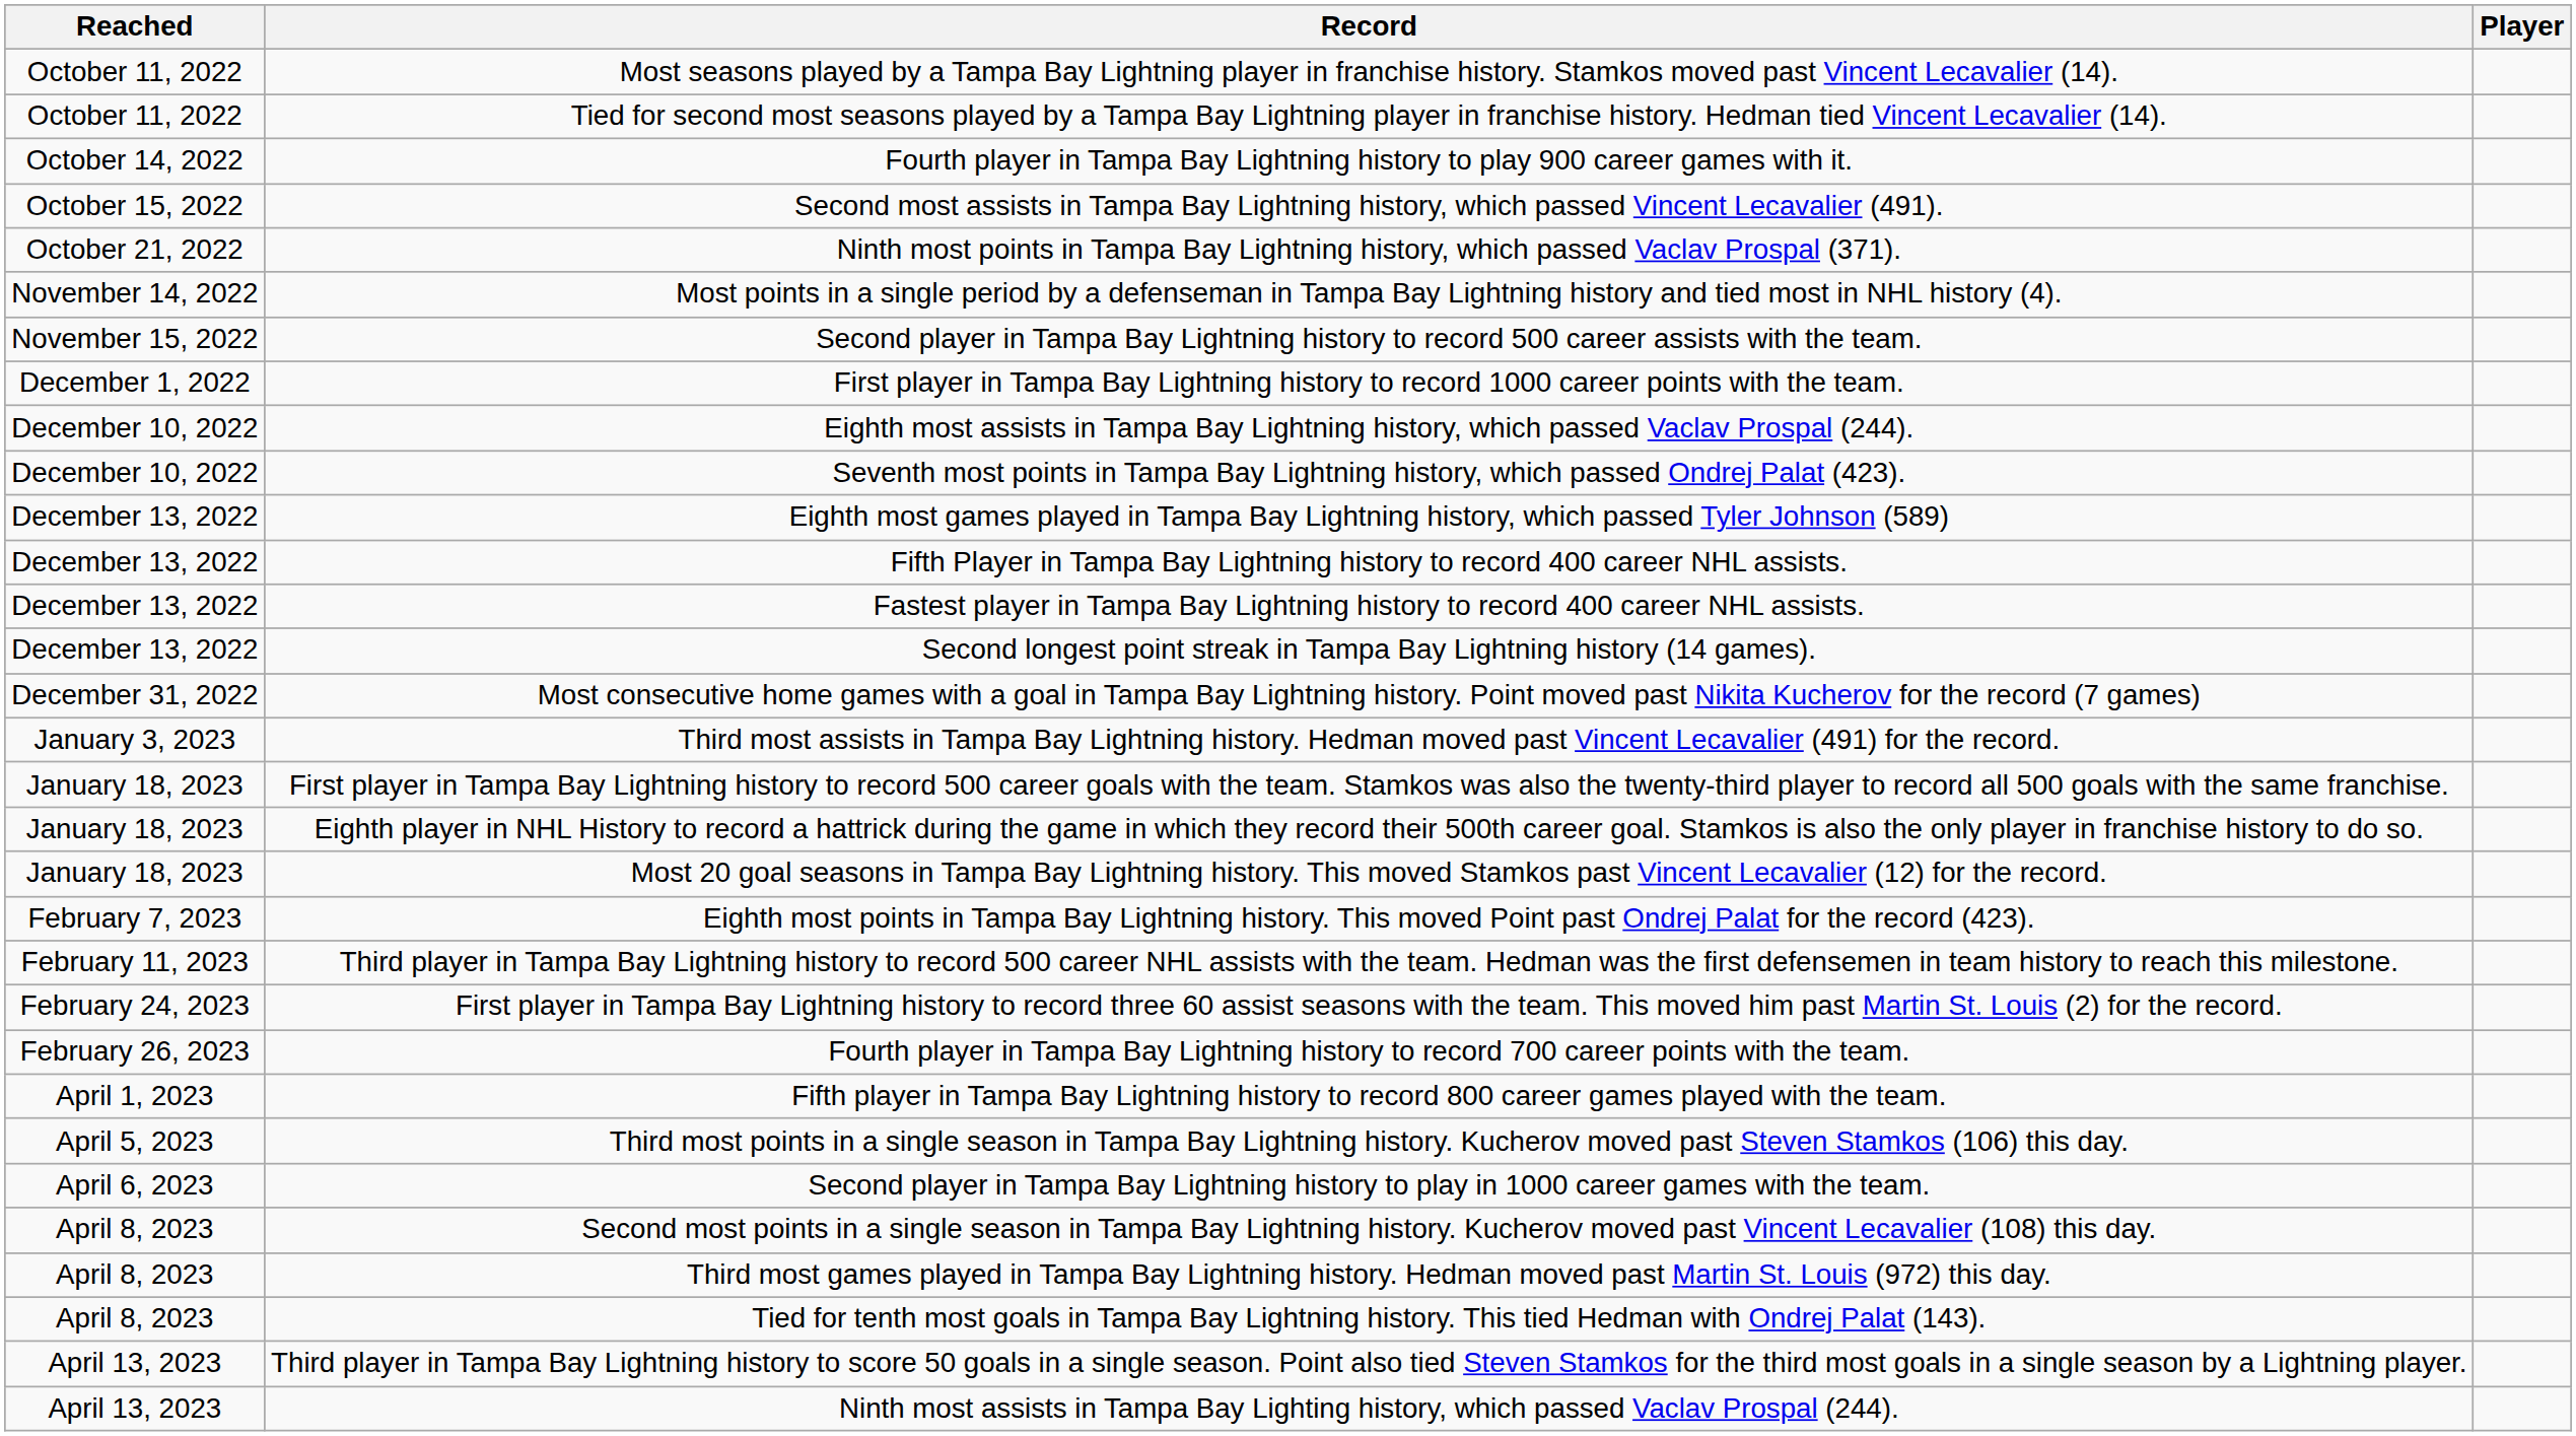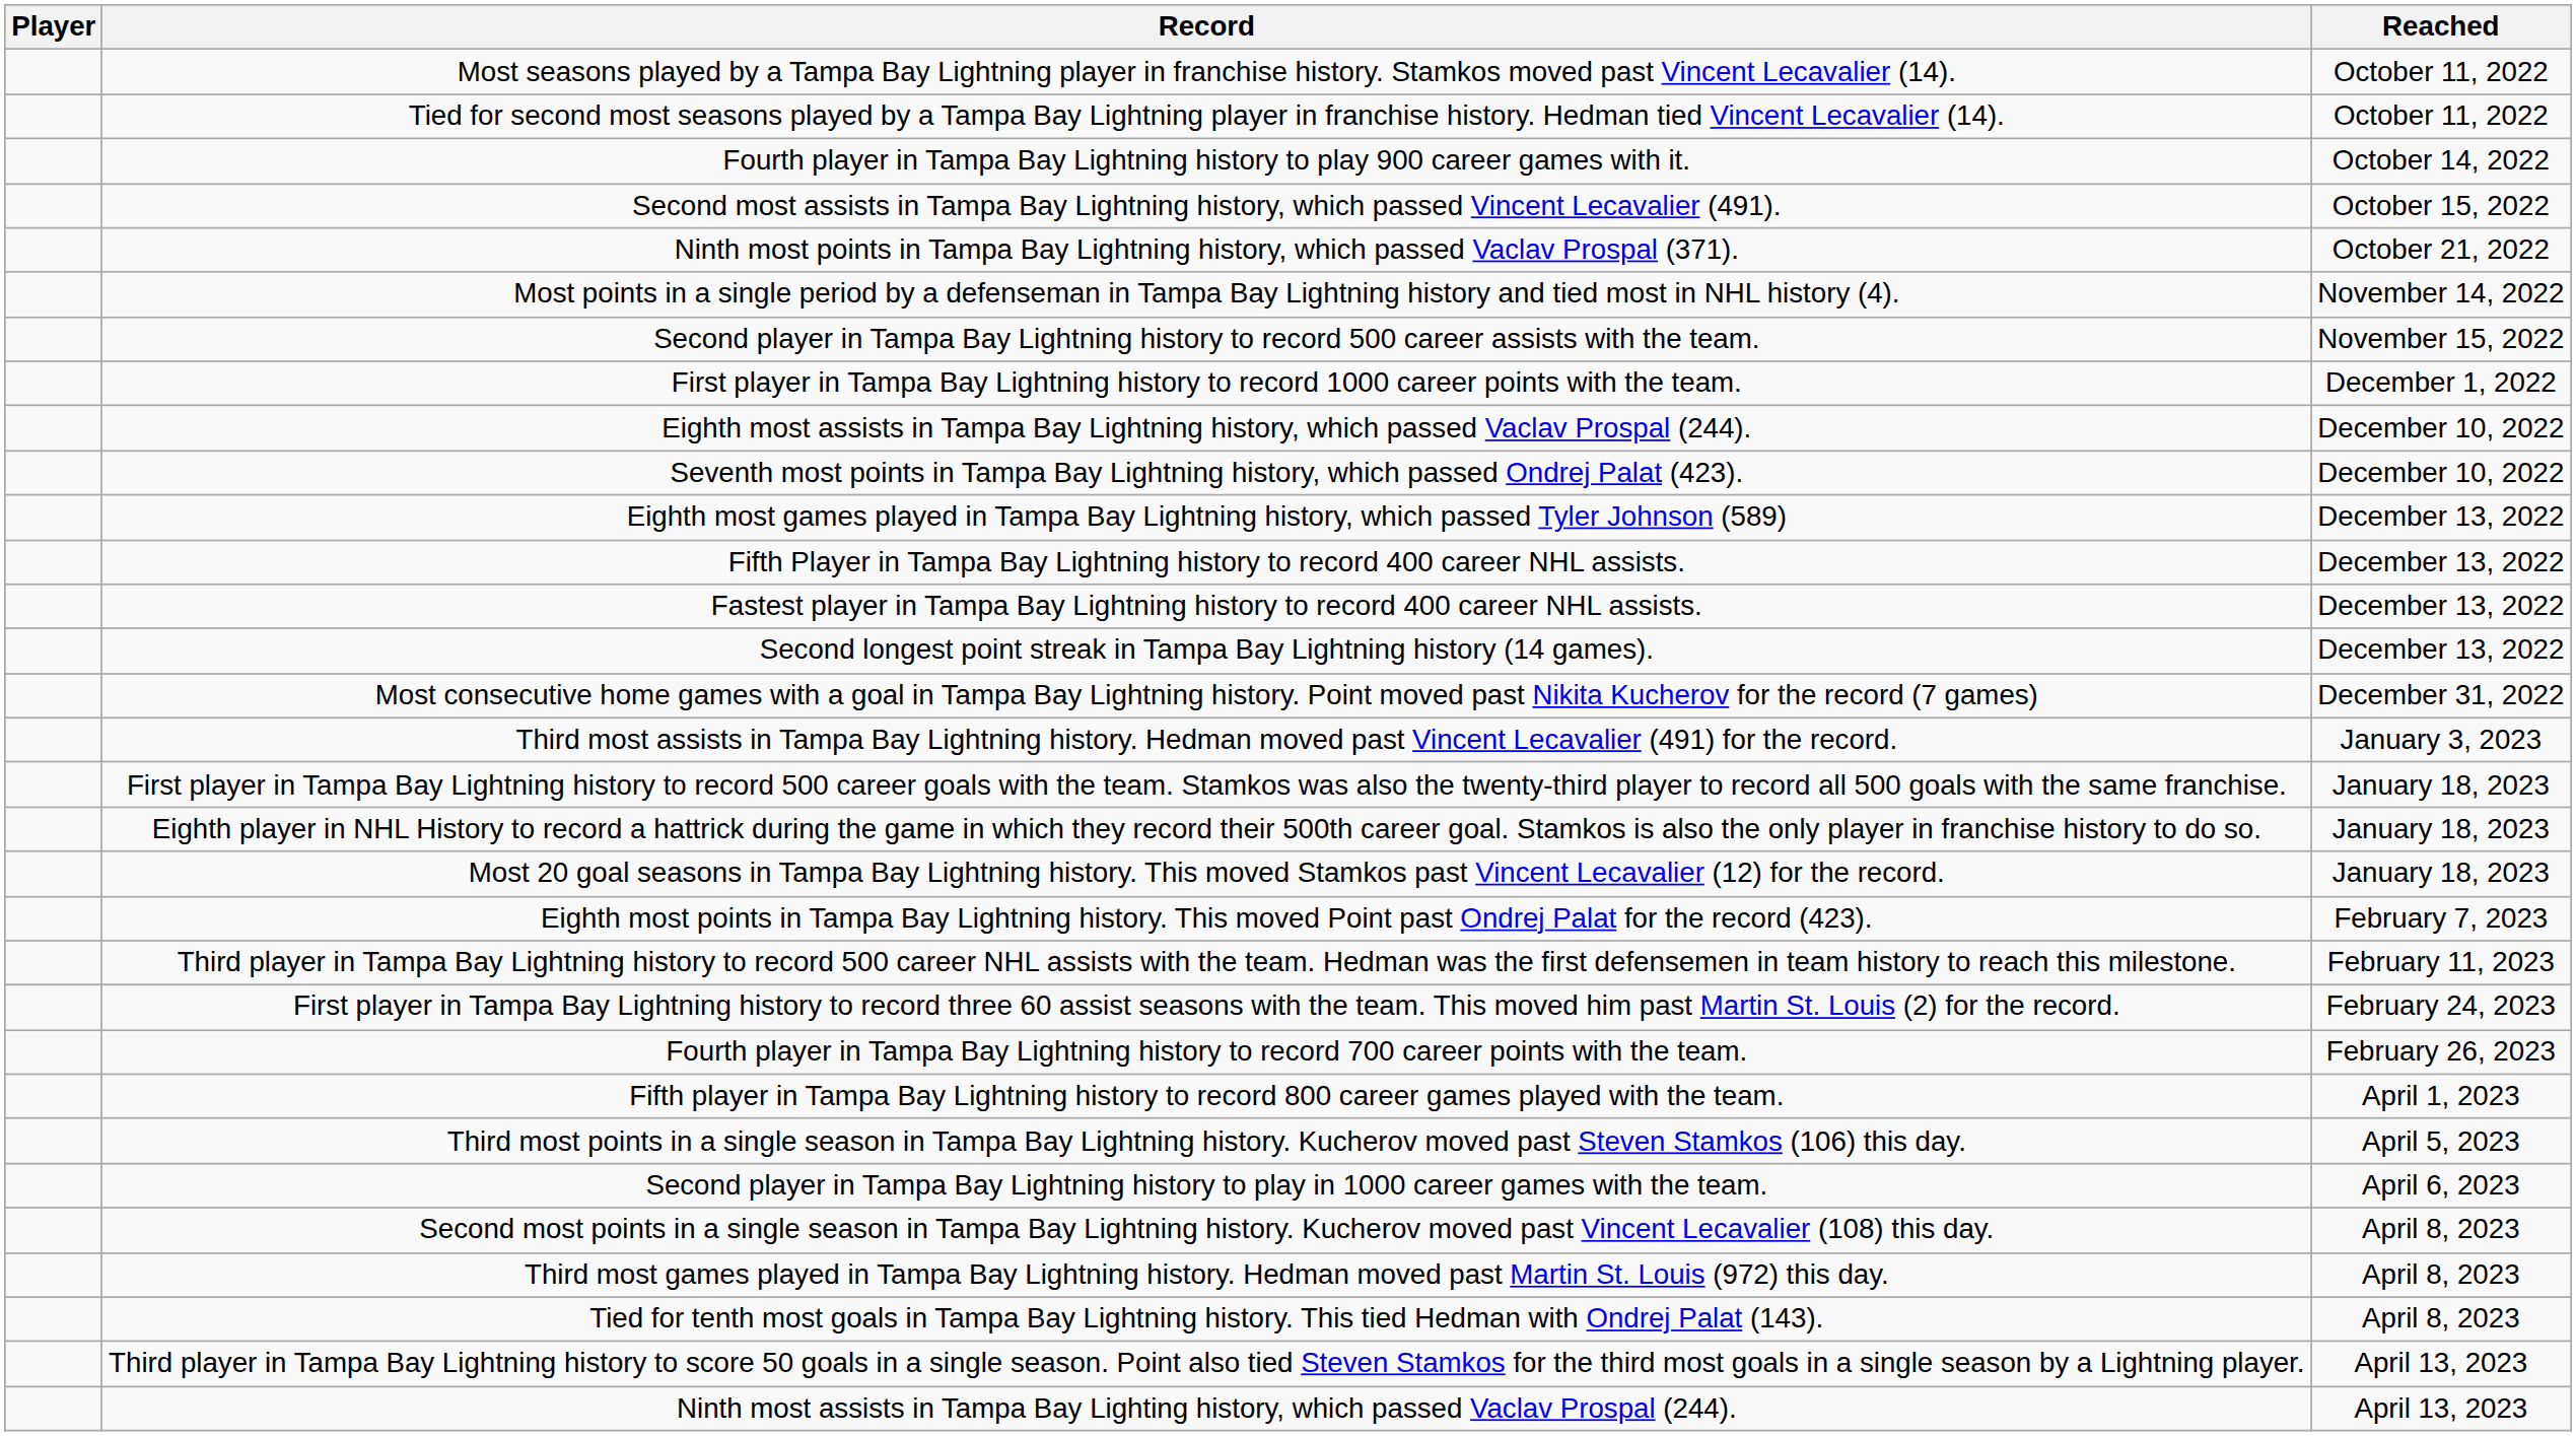 <table class="wikitable sortable" style="text-align:center;">
 <tr>
+<th>Player</th>
+<th>Record</th>
 <th>Reached</th>
-<th>Record</th>
-<th>Player</th>
 </tr>
 <tr>
+<td></td>
+<td>Most seasons played by a Tampa Bay Lightning player in franchise history. Stamkos moved past <a href='#'>Vincent Lecavalier</a> (14).</td>
 <td>October 11, 2022</td>
-<td>Most seasons played by a Tampa Bay Lightning player in franchise history. Stamkos moved past <a href='#'>Vincent Lecavalier</a> (14).</td>
-<td></td>
 </tr>
 <tr>
+<td></td>
+<td>Tied for second most seasons played by a Tampa Bay Lightning player in franchise history. Hedman tied <a href='#'>Vincent Lecavalier</a> (14).</td>
 <td>October 11, 2022</td>
-<td>Tied for second most seasons played by a Tampa Bay Lightning player in franchise history. Hedman tied <a href='#'>Vincent Lecavalier</a> (14).</td>
-<td></td>
 </tr>
 <tr>
+<td></td>
+<td>Fourth player in Tampa Bay Lightning history to play 900 career games with it.</td>
 <td>October 14, 2022</td>
-<td>Fourth player in Tampa Bay Lightning history to play 900 career games with it.</td>
-<td></td>
 </tr>
 <tr>
+<td></td>
+<td>Second most assists in Tampa Bay Lightning history, which passed <a href='#'>Vincent Lecavalier</a> (491).</td>
 <td>October 15, 2022</td>
-<td>Second most assists in Tampa Bay Lightning history, which passed <a href='#'>Vincent Lecavalier</a> (491).</td>
-<td></td>
 </tr>
 <tr>
+<td></td>
+<td>Ninth most points in Tampa Bay Lightning history, which passed <a href='#'>Vaclav Prospal</a> (371).</td>
 <td>October 21, 2022</td>
-<td>Ninth most points in Tampa Bay Lightning history, which passed <a href='#'>Vaclav Prospal</a> (371).</td>
-<td></td>
 </tr>
 <tr>
+<td></td>
+<td>Most points in a single period by a defenseman in Tampa Bay Lightning history and tied most in NHL history (4).</td>
 <td>November 14, 2022</td>
-<td>Most points in a single period by a defenseman in Tampa Bay Lightning history and tied most in NHL history (4).</td>
-<td></td>
 </tr>
 <tr>
+<td></td>
+<td>Second player in Tampa Bay Lightning history to record 500 career assists with the team.</td>
 <td>November 15, 2022</td>
-<td>Second player in Tampa Bay Lightning history to record 500 career assists with the team.</td>
-<td></td>
 </tr>
 <tr>
+<td></td>
+<td>First player in Tampa Bay Lightning history to record 1000 career points with the team.</td>
 <td>December 1, 2022</td>
-<td>First player in Tampa Bay Lightning history to record 1000 career points with the team.</td>
-<td></td>
 </tr>
 <tr>
+<td></td>
+<td>Eighth most assists in Tampa Bay Lightning history, which passed <a href='#'>Vaclav Prospal</a> (244).</td>
 <td>December 10, 2022</td>
-<td>Eighth most assists in Tampa Bay Lightning history, which passed <a href='#'>Vaclav Prospal</a> (244).</td>
-<td></td>
 </tr>
 <tr>
+<td></td>
+<td>Seventh most points in Tampa Bay Lightning history, which passed <a href='#'>Ondrej Palat</a> (423).</td>
 <td>December 10, 2022</td>
-<td>Seventh most points in Tampa Bay Lightning history, which passed <a href='#'>Ondrej Palat</a> (423).</td>
-<td></td>
 </tr>
 <tr>
+<td></td>
+<td>Eighth most games played in Tampa Bay Lightning history, which passed <a href='#'>Tyler Johnson</a> (589)</td>
 <td>December 13, 2022</td>
-<td>Eighth most games played in Tampa Bay Lightning history, which passed <a href='#'>Tyler Johnson</a> (589)</td>
-<td></td>
 </tr>
 <tr>
+<td></td>
+<td>Fifth Player in Tampa Bay Lightning history to record 400 career NHL assists.</td>
 <td>December 13, 2022</td>
-<td>Fifth Player in Tampa Bay Lightning history to record 400 career NHL assists.</td>
-<td></td>
 </tr>
 <tr>
+<td></td>
+<td>Fastest player in Tampa Bay Lightning history to record 400 career NHL assists.</td>
 <td>December 13, 2022</td>
-<td>Fastest player in Tampa Bay Lightning history to record 400 career NHL assists.</td>
-<td></td>
 </tr>
 <tr>
+<td></td>
+<td>Second longest point streak in Tampa Bay Lightning history (14 games).</td>
 <td>December 13, 2022</td>
-<td>Second longest point streak in Tampa Bay Lightning history (14 games).</td>
-<td></td>
 </tr>
 <tr>
+<td></td>
+<td>Most consecutive home games with a goal in Tampa Bay Lightning history. Point moved past <a href='#'>Nikita Kucherov</a> for the record (7 games)</td>
 <td>December 31, 2022</td>
-<td>Most consecutive home games with a goal in Tampa Bay Lightning history. Point moved past <a href='#'>Nikita Kucherov</a> for the record (7 games)</td>
-<td></td>
 </tr>
 <tr>
+<td></td>
+<td>Third most assists in Tampa Bay Lightning history. Hedman moved past <a href='#'>Vincent Lecavalier</a> (491) for the record.</td>
 <td>January 3, 2023</td>
-<td>Third most assists in Tampa Bay Lightning history. Hedman moved past <a href='#'>Vincent Lecavalier</a> (491) for the record.</td>
-<td></td>
 </tr>
 <tr>
+<td></td>
+<td>First player in Tampa Bay Lightning history to record 500 career goals with the team. Stamkos was also the twenty-third player to record all 500 goals with the same franchise.</td>
 <td>January 18, 2023</td>
-<td>First player in Tampa Bay Lightning history to record 500 career goals with the team. Stamkos was also the twenty-third player to record all 500 goals with the same franchise.</td>
-<td></td>
 </tr>
 <tr>
+<td></td>
+<td>Eighth player in NHL History to record a hattrick during the game in which they record their 500th career  goal. Stamkos is also the only player in franchise history to do so.</td>
 <td>January 18, 2023</td>
-<td>Eighth player in NHL History to record a hattrick during the game in which they record their 500th career  goal. Stamkos is also the only player in franchise history to do so.</td>
-<td></td>
 </tr>
 <tr>
+<td></td>
+<td>Most 20 goal seasons in Tampa Bay Lightning history. This moved Stamkos past <a href='#'>Vincent Lecavalier</a> (12) for the record.</td>
 <td>January 18, 2023</td>
-<td>Most 20 goal seasons in Tampa Bay Lightning history. This moved Stamkos past <a href='#'>Vincent Lecavalier</a> (12) for the record.</td>
-<td></td>
 </tr>
 <tr>
+<td></td>
+<td>Eighth most points in Tampa Bay Lightning history. This moved Point past <a href='#'>Ondrej Palat</a> for the record (423).</td>
 <td>February 7, 2023</td>
-<td>Eighth most points in Tampa Bay Lightning history. This moved Point past <a href='#'>Ondrej Palat</a> for the record (423).</td>
-<td></td>
 </tr>
 <tr>
+<td></td>
+<td>Third player in Tampa Bay Lightning history to record 500 career NHL assists with the team. Hedman was the first defensemen in team history to reach this milestone.</td>
 <td>February 11, 2023</td>
-<td>Third player in Tampa Bay Lightning history to record 500 career NHL assists with the team. Hedman was the first defensemen in team history to reach this milestone.</td>
-<td></td>
 </tr>
 <tr>
+<td></td>
+<td>First player in Tampa Bay Lightning history to record three 60 assist seasons with the team. This moved him past <a href='#'>Martin St. Louis</a> (2) for the record.</td>
 <td>February 24, 2023</td>
-<td>First player in Tampa Bay Lightning history to record three 60 assist seasons with the team. This moved him past <a href='#'>Martin St. Louis</a> (2) for the record.</td>
-<td></td>
 </tr>
 <tr>
+<td></td>
+<td>Fourth player in Tampa Bay Lightning history to record 700 career points with the team.</td>
 <td>February 26, 2023</td>
-<td>Fourth player in Tampa Bay Lightning history to record 700 career points with the team.</td>
-<td></td>
 </tr>
 <tr>
+<td></td>
+<td>Fifth player in Tampa Bay Lightning history to record 800 career games played with the team.</td>
 <td>April 1, 2023</td>
-<td>Fifth player in Tampa Bay Lightning history to record 800 career games played with the team.</td>
-<td></td>
 </tr>
 <tr>
+<td></td>
+<td>Third most points in a single season in Tampa Bay Lightning history. Kucherov moved past <a href='#'>Steven Stamkos</a> (106) this day.</td>
 <td>April 5, 2023</td>
-<td>Third most points in a single season in Tampa Bay Lightning history. Kucherov moved past <a href='#'>Steven Stamkos</a> (106) this day.</td>
-<td></td>
 </tr>
 <tr>
+<td></td>
+<td>Second player in Tampa Bay Lightning history to play in 1000 career games with the team.</td>
 <td>April 6, 2023</td>
-<td>Second player in Tampa Bay Lightning history to play in 1000 career games with the team.</td>
-<td></td>
 </tr>
 <tr>
+<td></td>
+<td>Second most points in a single season in Tampa Bay Lightning history. Kucherov moved past <a href='#'>Vincent Lecavalier</a> (108) this day.</td>
 <td>April 8, 2023</td>
-<td>Second most points in a single season in Tampa Bay Lightning history. Kucherov moved past <a href='#'>Vincent Lecavalier</a> (108) this day.</td>
-<td></td>
 </tr>
 <tr>
+<td></td>
+<td>Third most games played in Tampa Bay Lightning history. Hedman moved past <a href='#'>Martin St. Louis</a> (972) this day.</td>
 <td>April 8, 2023</td>
-<td>Third most games played in Tampa Bay Lightning history. Hedman moved past <a href='#'>Martin St. Louis</a> (972) this day.</td>
-<td></td>
 </tr>
 <tr>
+<td></td>
+<td>Tied for tenth most goals in Tampa Bay Lightning history. This tied Hedman with <a href='#'>Ondrej Palat</a> (143).</td>
 <td>April 8, 2023</td>
-<td>Tied for tenth most goals in Tampa Bay Lightning history. This tied Hedman with <a href='#'>Ondrej Palat</a> (143).</td>
-<td></td>
 </tr>
 <tr>
+<td></td>
+<td>Third player in Tampa Bay Lightning history to score 50 goals in a single season. Point also tied <a href='#'>Steven Stamkos</a> for the third most goals in a single season by a Lightning player.</td>
 <td>April 13, 2023</td>
-<td>Third player in Tampa Bay Lightning history to score 50 goals in a single season. Point also tied <a href='#'>Steven Stamkos</a> for the third most goals in a single season by a Lightning player.</td>
-<td></td>
 </tr>
 <tr>
+<td></td>
+<td>Ninth most assists in Tampa Bay Lighting history, which passed <a href='#'>Vaclav Prospal</a> (244).</td>
 <td>April 13, 2023</td>
-<td>Ninth most assists in Tampa Bay Lighting history, which passed <a href='#'>Vaclav Prospal</a> (244).</td>
-<td></td>
 </tr>
 </table>
